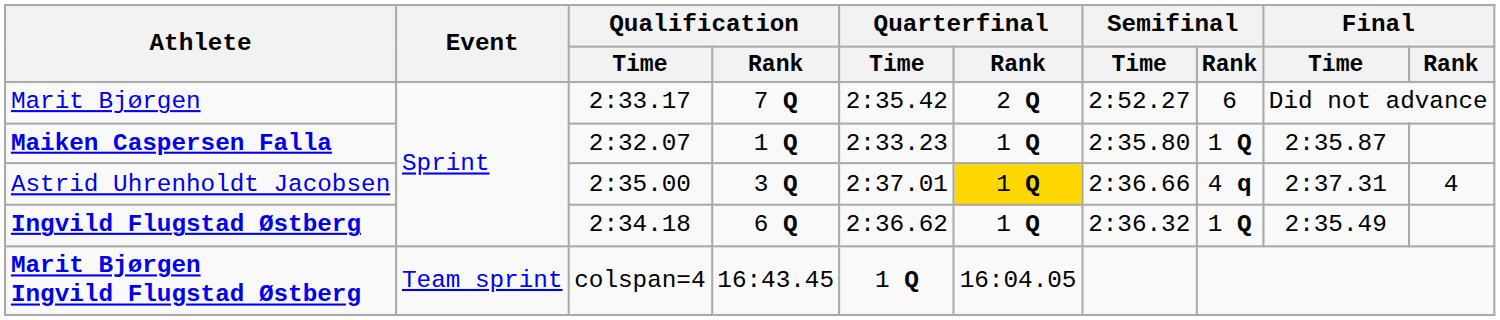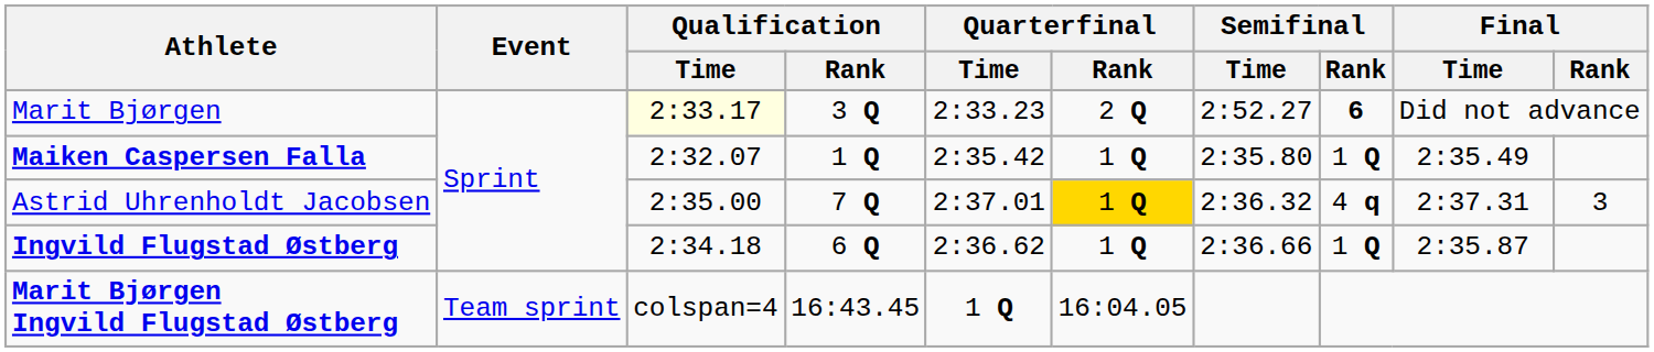 <table class="wikitable" style="font-size:90%">
 <tr>
 <th rowspan="2">Athlete</th>
 <th rowspan="2">Event</th>
 <th colspan="2">Qualification</th>
 <th colspan="2">Quarterfinal</th>
 <th colspan="2">Semifinal</th>
 <th colspan="2">Final</th>
 </tr>
 <tr style="font-size:95%">
 <th>Time</th>
 <th>Rank</th>
 <th>Time</th>
 <th>Rank</th>
 <th>Time</th>
 <th>Rank</th>
 <th>Time</th>
 <th>Rank</th>
 </tr>
 <tr align=center>
 <td align=left><a href='#'>Marit Bjørgen</a></td>
 <td align=left rowspan=4><a href='#'>Sprint</a></td>
-<td>2:33.17</td>
-<td>7 <strong>Q</strong></td>
-<td>2:35.42</td>
+<td style="background: lightyellow;">2:33.17</td>
+<td>3 <strong>Q</strong></td>
+<td>2:33.23</td>
 <td>2 <strong>Q</strong></td>
 <td>2:52.27</td>
-<td>6</td>
+<td><strong>6</strong></td>
 <td colspan=2>Did not advance</td>
 </tr>
 <tr align=center>
 <td align=left><strong><a href='#'>Maiken Caspersen Falla</a></strong></td>
 <td>2:32.07</td>
 <td>1 <strong>Q</strong></td>
-<td>2:33.23</td>
+<td>2:35.42</td>
 <td>1 <strong>Q</strong></td>
 <td>2:35.80</td>
 <td>1 <strong>Q</strong></td>
-<td>2:35.87</td>
+<td>2:35.49</td>
 <td></td>
 </tr>
 <tr align=center>
 <td align=left><a href='#'>Astrid Uhrenholdt Jacobsen</a></td>
 <td>2:35.00</td>
-<td>3 <strong>Q</strong></td>
+<td>7 <strong>Q</strong></td>
 <td>2:37.01</td>
 <td style="background: gold;">1 <strong>Q</strong></td>
-<td>2:36.66</td>
+<td>2:36.32</td>
 <td>4 <strong>q</strong></td>
 <td>2:37.31</td>
-<td>4</td>
+<td>3</td>
 </tr>
 <tr align=center>
 <td align=left><strong><a href='#'>Ingvild Flugstad Østberg</a></strong></td>
 <td>2:34.18</td>
 <td>6 <strong>Q</strong></td>
 <td>2:36.62</td>
 <td>1 <strong>Q</strong></td>
-<td>2:36.32</td>
+<td>2:36.66</td>
 <td>1 <strong>Q</strong></td>
-<td>2:35.49</td>
+<td>2:35.87</td>
 <td></td>
 </tr>
 <tr align=center>
 <td align=left><strong><a href='#'>Marit Bjørgen</a><br><a href='#'>Ingvild Flugstad Østberg</a></strong></td>
 <td align=left><a href='#'>Team sprint</a></td>
 <td>colspan=4 </td>
 <td>16:43.45</td>
 <td>1 <strong>Q</strong></td>
 <td>16:04.05</td>
 <td></td>
 </tr>
 </table>
